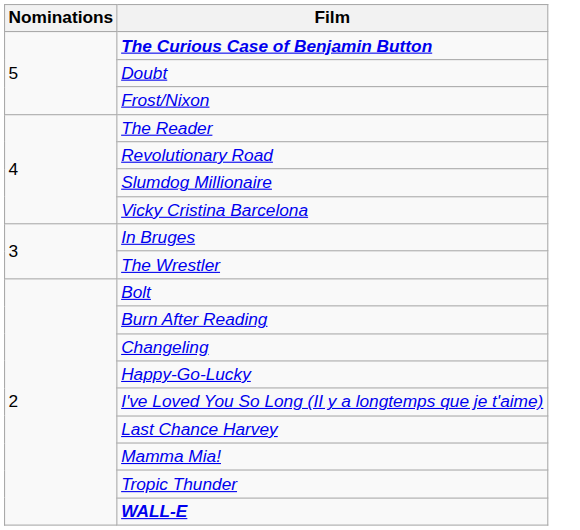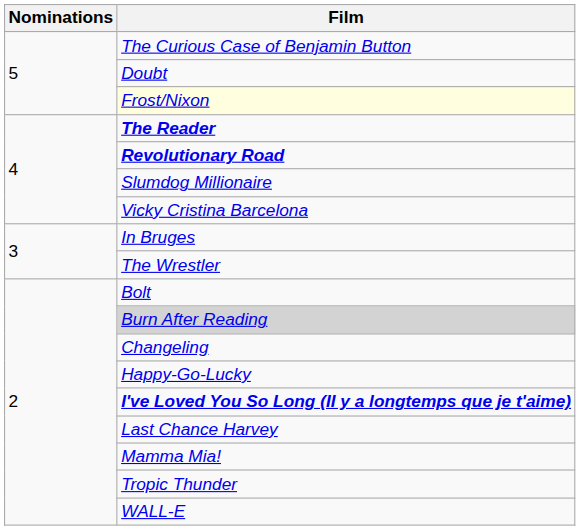 <table class="wikitable">
 <tr>
 <th>Nominations</th>
 <th>Film</th>
 </tr>
 <tr>
 <td rowspan="3">5</td>
-<td><strong><em><a href='#'>The Curious Case of Benjamin Button</a></em></strong></td>
+<td><em><a href='#'>The Curious Case of Benjamin Button</a></em></td>
 </tr>
 <tr>
 <td><em><a href='#'>Doubt</a></em></td>
 </tr>
 <tr>
-<td><em><a href='#'>Frost/Nixon</a></em></td>
+<td style="background: lightyellow;"><em><a href='#'>Frost/Nixon</a></em></td>
 </tr>
 <tr>
 <td rowspan="4">4</td>
-<td><em><a href='#'>The Reader</a></em></td>
+<td><strong><em><a href='#'>The Reader</a></em></strong></td>
 </tr>
 <tr>
-<td><em><a href='#'>Revolutionary Road</a></em></td>
+<td><strong><em><a href='#'>Revolutionary Road</a></em></strong></td>
 </tr>
 <tr>
 <td><em><a href='#'>Slumdog Millionaire</a></em></td>
 </tr>
 <tr>
 <td><em><a href='#'>Vicky Cristina Barcelona</a></em></td>
 </tr>
 <tr>
 <td rowspan="2">3</td>
 <td><em><a href='#'>In Bruges</a></em></td>
 </tr>
 <tr>
 <td><em><a href='#'>The Wrestler</a></em></td>
 </tr>
 <tr>
 <td rowspan="9">2</td>
 <td><em><a href='#'>Bolt</a></em></td>
 </tr>
 <tr>
-<td><em><a href='#'>Burn After Reading</a></em></td>
+<td style="background: lightgrey;"><em><a href='#'>Burn After Reading</a></em></td>
 </tr>
 <tr>
 <td><em><a href='#'>Changeling</a></em></td>
 </tr>
 <tr>
 <td><em><a href='#'>Happy-Go-Lucky</a></em></td>
 </tr>
 <tr>
-<td><em><a href='#'>I've Loved You So Long (II y a longtemps que je t'aime)</a></em></td>
+<td><strong><em><a href='#'>I've Loved You So Long (II y a longtemps que je t'aime)</a></em></strong></td>
 </tr>
 <tr>
 <td><em><a href='#'>Last Chance Harvey</a></em></td>
 </tr>
 <tr>
 <td><em><a href='#'>Mamma Mia!</a></em></td>
 </tr>
 <tr>
 <td><em><a href='#'>Tropic Thunder</a></em></td>
 </tr>
 <tr>
-<td><strong><em><a href='#'>WALL-E</a></em></strong></td>
+<td><em><a href='#'>WALL-E</a></em></td>
 </tr>
 </table>
